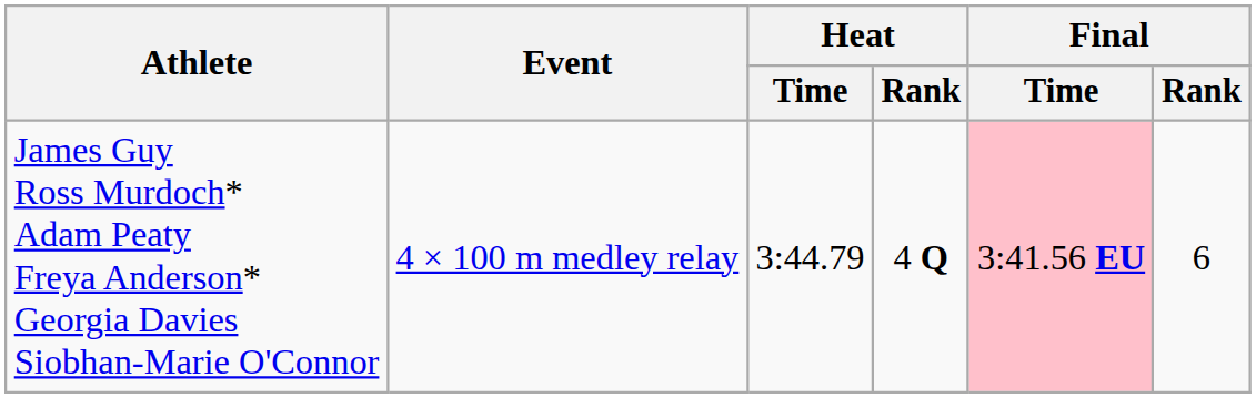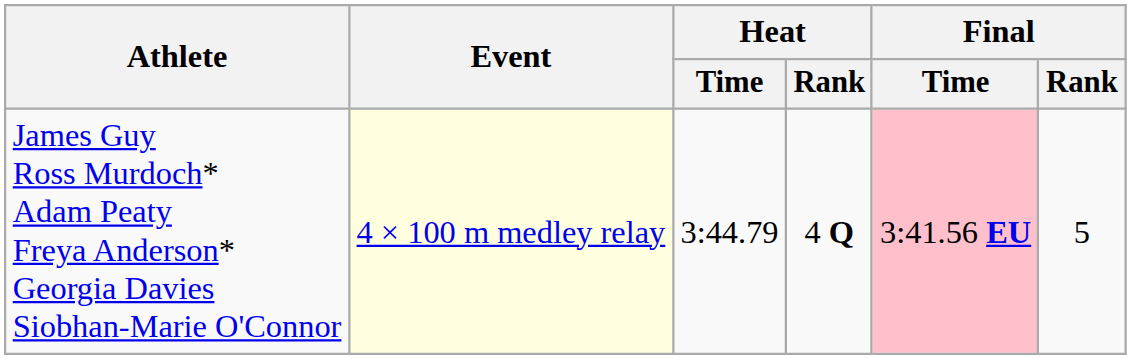 <table class=wikitable style="font-size:90%">
 <tr>
 <th rowspan="2">Athlete</th>
 <th rowspan="2">Event</th>
 <th colspan="2">Heat</th>
 <th colspan="2">Final</th>
 </tr>
 <tr style="font-size:95%">
 <th>Time</th>
 <th>Rank</th>
 <th>Time</th>
 <th>Rank</th>
 </tr>
 <tr align=center>
 <td align=left><a href='#'>James Guy</a><br><a href='#'>Ross Murdoch</a>*<br><a href='#'>Adam Peaty</a><br><a href='#'>Freya Anderson</a>*<br><a href='#'>Georgia Davies</a><br><a href='#'>Siobhan-Marie O'Connor</a></td>
-<td align=left><a href='#'>4 × 100 m medley relay</a></td>
+<td align=left style="background: lightyellow;"><a href='#'>4 × 100 m medley relay</a></td>
 <td>3:44.79</td>
 <td>4 <strong>Q</strong></td>
 <td style="background: pink;">3:41.56 <strong><a href='#'>EU</a></strong></td>
-<td>6</td>
+<td>5</td>
 </tr>
 </table>
